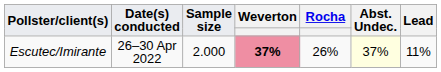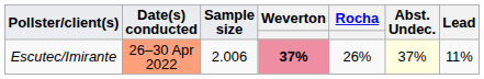 <table class="wikitable sortable" style="text-align:center;font-size:90%;line-height:14px;">
 <tr>
 <td rowspan="2" class="unsortable" style="width:50px;background:#eaecf0;"><strong>Pollster/client(s)</strong></td>
 <td rowspan="2" class="unsortable" style="width:50px;background:#eaecf0;"><strong>Date(s) <br>conducted</strong></td>
 <td rowspan="2" class="unsortable" style="width:50px;background:#eaecf0;"><strong>Sample <br>size</strong></td>
 <th class="unsortable" style="width:50px;">Weverton<br></th>
 <th class="unsortable" style="width:50px;"><a href='#'>Rocha</a><br></th>
 <th rowspan="2">Abst.<br>Undec.</th>
 <th rowspan="2" class="unsortable">Lead</th>
 </tr>
 <tr>
 <th style="background:"></th>
 <th style="background:"></th>
 </tr>
 <tr>
 <td><em>Escutec/Imirante</em></td>
-<td>26–30 Apr 2022</td>
-<td>2.000</td>
+<td style="background: lightsalmon;">26–30 Apr 2022</td>
+<td>2.006</td>
 <td style="background:#ef8ea3;"><strong>37%</strong></td>
 <td>26%</td>
 <td style="background: lightyellow;">37%</td>
 <td style="background:">11%</td>
 </tr>
 </table>
